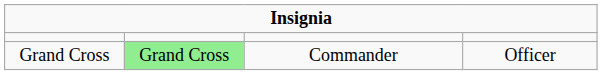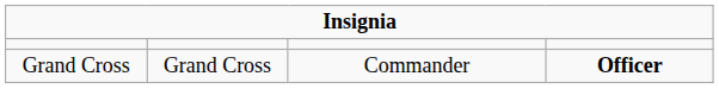 <table align=center class=wikitable width=60%>
 <tr>
 <td colspan=7 align="center"><strong>Insignia</strong></td>
 </tr>
 <tr>
 <td width=33,33% valign=top align=center></td>
 <td width=33,33% valign=top align=center></td>
 <td width=33,33% valign=top align=center></td>
 <td width=33,33% valign=top align=center></td>
 </tr>
 <tr>
 <td width=33,33% valign=top align=center>Grand Cross</td>
-<td width=33,33% valign=top align=center style="background: lightgreen;">Grand Cross</td>
+<td width=33,33% valign=top align=center>Grand Cross</td>
 <td width=33,33% valign=top align=center>Commander</td>
-<td width=33,33% valign=top align=center>Officer</td>
+<td width=33,33% valign=top align=center><strong>Officer</strong></td>
 </tr>
 </table>
